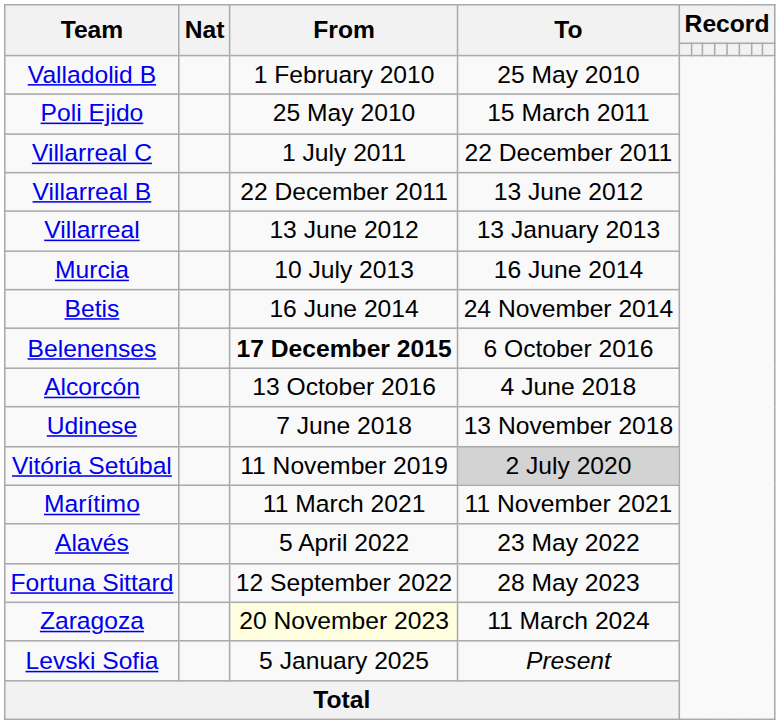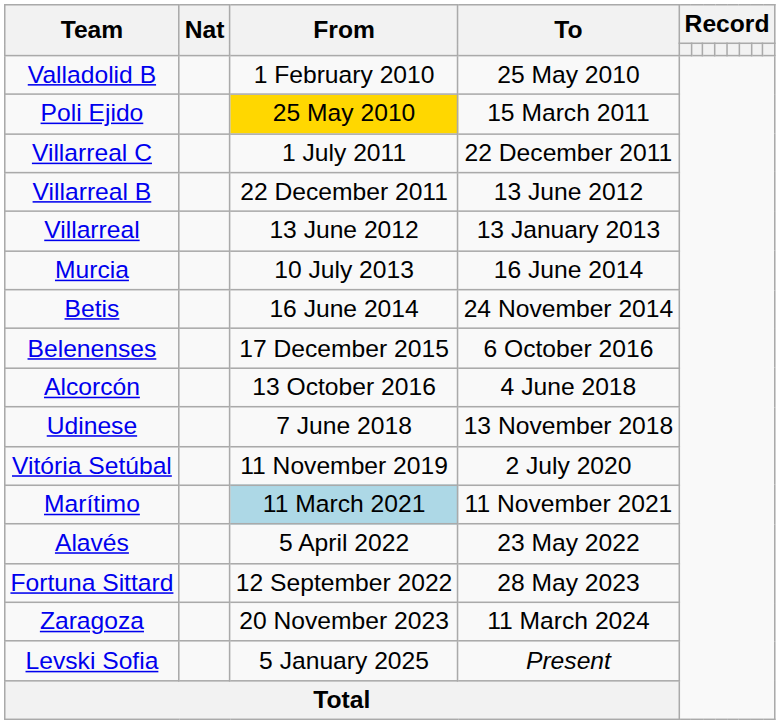 <table class="wikitable" style="text-align: center">
 <tr>
 <th rowspan="2">Team</th>
 <th rowspan="2">Nat</th>
 <th rowspan="2">From</th>
 <th rowspan="2">To</th>
 <th colspan="8">Record</th>
 </tr>
 <tr>
 <th></th>
 <th></th>
 <th></th>
 <th></th>
 <th></th>
 <th></th>
 <th></th>
 <th></th>
 </tr>
 <tr>
 <td align=center><a href='#'>Valladolid B</a></td>
 <td></td>
 <td align=center>1 February 2010</td>
 <td align=center>25 May 2010<br></td>
 </tr>
 <tr>
 <td align=center><a href='#'>Poli Ejido</a></td>
 <td></td>
-<td align=center>25 May 2010</td>
+<td align=center style="background: gold;">25 May 2010</td>
 <td align=center>15 March 2011<br></td>
 </tr>
 <tr>
 <td align=center><a href='#'>Villarreal C</a></td>
 <td></td>
 <td align=center>1 July 2011</td>
 <td aligh-center>22 December 2011<br></td>
 </tr>
 <tr>
 <td align=center><a href='#'>Villarreal B</a></td>
 <td></td>
 <td align=center>22 December 2011</td>
 <td align=center>13 June 2012<br></td>
 </tr>
 <tr>
 <td align=center><a href='#'>Villarreal</a></td>
 <td></td>
 <td align=center>13 June 2012</td>
 <td align=center>13 January 2013<br></td>
 </tr>
 <tr>
 <td align=center><a href='#'>Murcia</a></td>
 <td></td>
 <td align=center>10 July 2013</td>
 <td align=center>16 June 2014<br></td>
 </tr>
 <tr>
 <td align=center><a href='#'>Betis</a></td>
 <td></td>
 <td align=center>16 June 2014</td>
 <td align=center>24 November 2014<br></td>
 </tr>
 <tr>
 <td align=center><a href='#'>Belenenses</a></td>
 <td></td>
-<td align=center><strong>17 December 2015</strong></td>
+<td align=center>17 December 2015</td>
 <td align=center>6 October 2016<br></td>
 </tr>
 <tr>
 <td align=center><a href='#'>Alcorcón</a></td>
 <td></td>
 <td align=center>13 October 2016</td>
 <td align=center>4 June 2018<br></td>
 </tr>
 <tr>
 <td align=centre><a href='#'>Udinese</a></td>
 <td></td>
 <td align=centre>7 June 2018</td>
 <td align=centre>13 November 2018<br></td>
 </tr>
 <tr>
 <td align=centre><a href='#'>Vitória Setúbal</a></td>
 <td></td>
 <td align=centre>11 November 2019</td>
-<td align=centre style="background: lightgrey;">2 July 2020<br></td>
+<td align=centre>2 July 2020<br></td>
 </tr>
 <tr>
 <td align=centre><a href='#'>Marítimo</a></td>
 <td></td>
-<td align=centre>11 March 2021</td>
+<td align=centre style="background: lightblue;">11 March 2021</td>
 <td align=centre>11 November 2021<br></td>
 </tr>
 <tr>
 <td align=center><a href='#'>Alavés</a></td>
 <td></td>
 <td align=center>5 April 2022</td>
 <td align=center>23 May 2022<br></td>
 </tr>
 <tr>
 <td align=center><a href='#'>Fortuna Sittard</a></td>
 <td></td>
 <td align=center>12 September 2022</td>
 <td align=center>28 May 2023<br></td>
 </tr>
 <tr>
 <td align=center><a href='#'>Zaragoza</a></td>
 <td></td>
-<td align=center style="background: lightyellow;">20 November 2023</td>
+<td align=center>20 November 2023</td>
 <td align=center>11 March 2024<br></td>
 </tr>
 <tr>
 <td align=center><a href='#'>Levski Sofia</a></td>
 <td></td>
 <td align=center>5 January 2025</td>
 <td align=center><em>Present</em><br></td>
 </tr>
 <tr>
 <th colspan="4">Total<br></th>
 </tr>
 </table>
